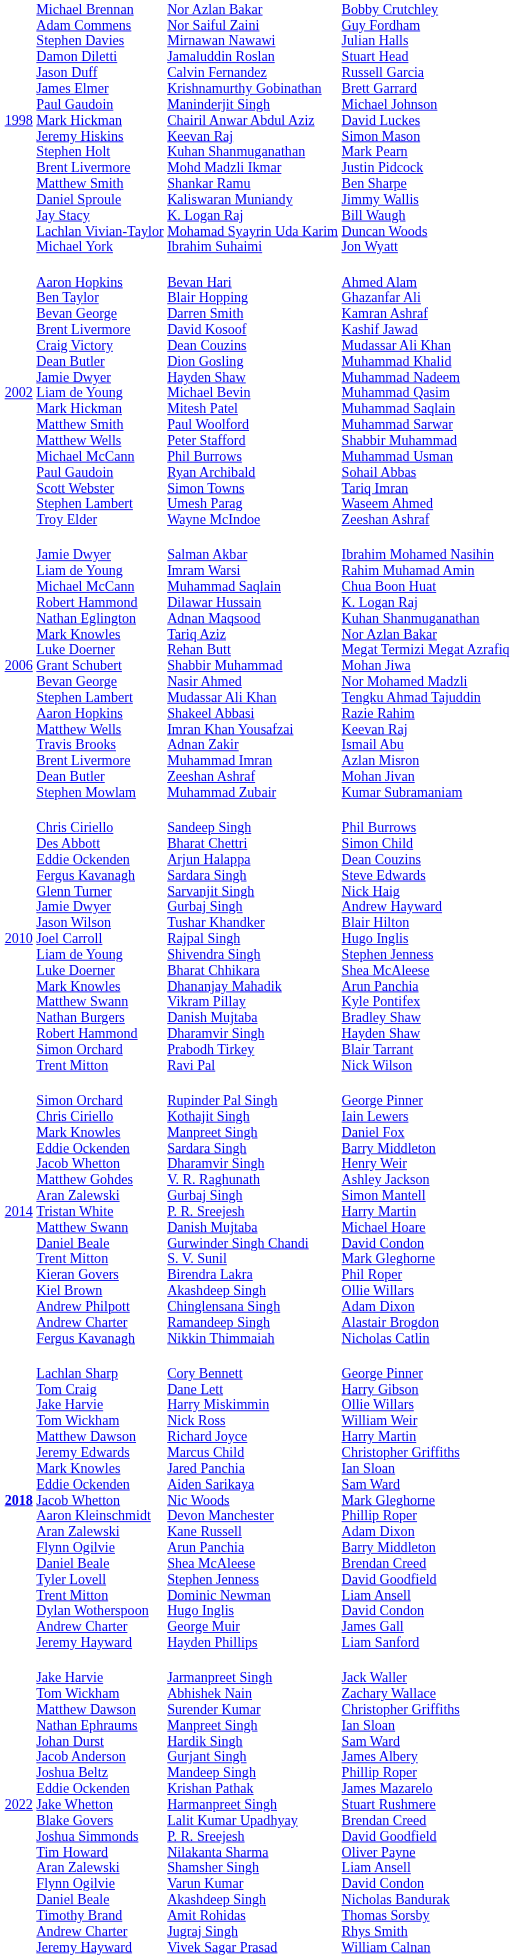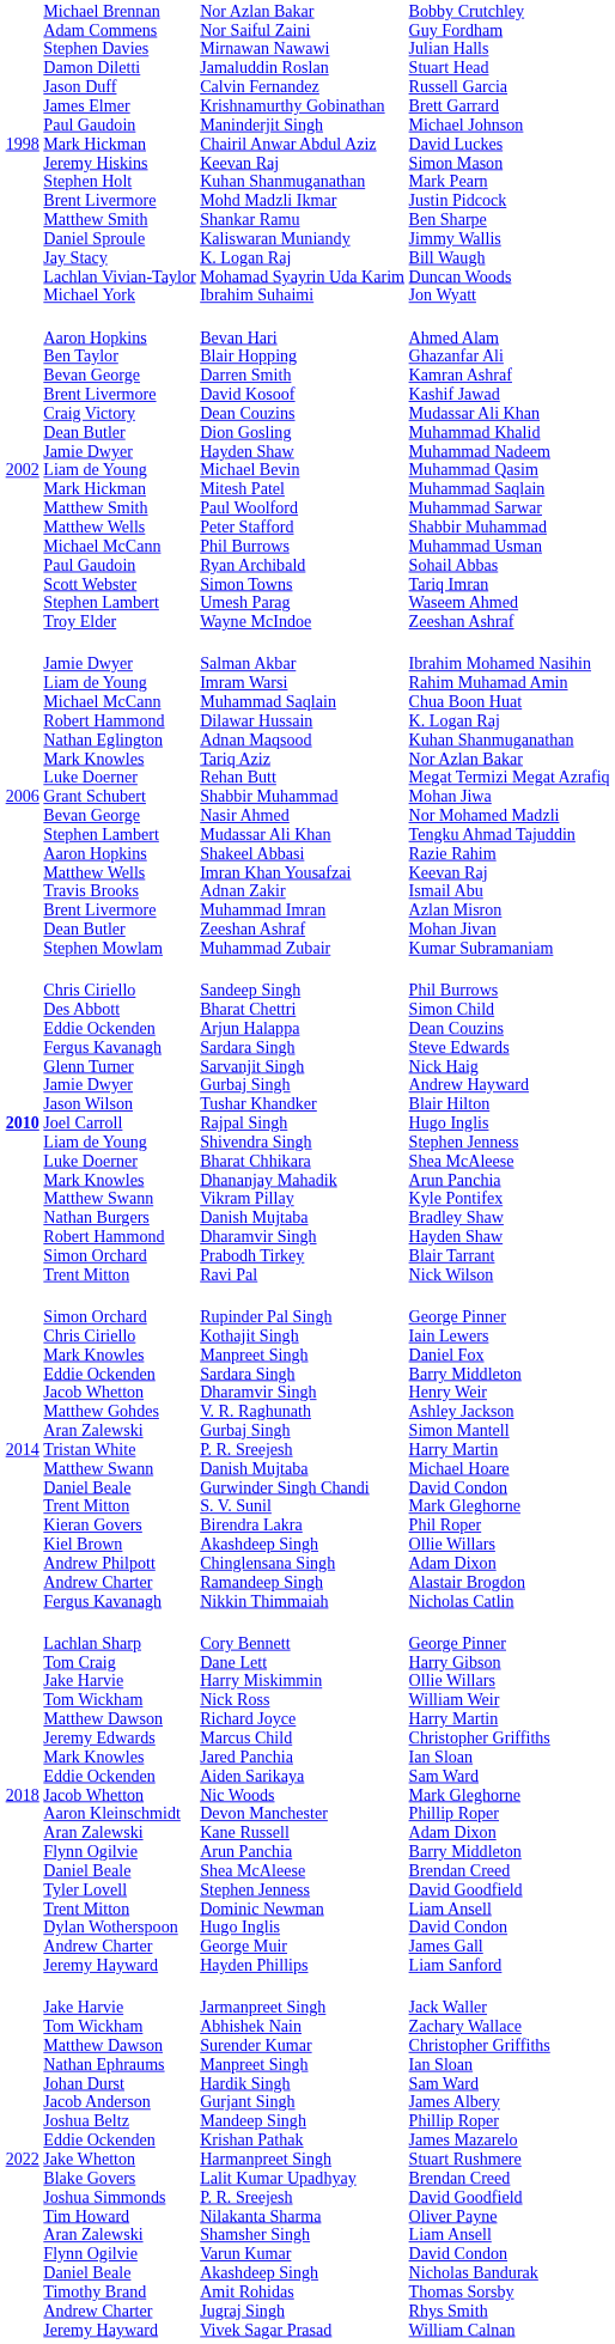 <table>
 <tr>
 <td><a href='#'>1998</a></td>
 <td><br><a href='#'>Michael Brennan</a><br><a href='#'>Adam Commens</a><br><a href='#'>Stephen Davies</a><br><a href='#'>Damon Diletti</a><br><a href='#'>Jason Duff</a><br><a href='#'>James Elmer</a><br><a href='#'>Paul Gaudoin</a><br><a href='#'>Mark Hickman</a><br><a href='#'>Jeremy Hiskins</a><br><a href='#'>Stephen Holt</a><br><a href='#'>Brent Livermore</a><br><a href='#'>Matthew Smith</a><br><a href='#'>Daniel Sproule</a><br><a href='#'>Jay Stacy</a><br><a href='#'>Lachlan Vivian-Taylor</a><br><a href='#'>Michael York</a></td>
 <td><br><a href='#'>Nor Azlan Bakar</a><br><a href='#'>Nor Saiful Zaini</a><br><a href='#'>Mirnawan Nawawi</a><br><a href='#'>Jamaluddin Roslan</a><br><a href='#'>Calvin Fernandez</a><br><a href='#'>Krishnamurthy Gobinathan</a><br><a href='#'>Maninderjit Singh</a><br><a href='#'>Chairil Anwar Abdul Aziz</a><br><a href='#'>Keevan Raj</a><br><a href='#'>Kuhan Shanmuganathan</a><br><a href='#'>Mohd Madzli Ikmar</a><br><a href='#'>Shankar Ramu</a><br><a href='#'>Kaliswaran Muniandy</a><br><a href='#'>K. Logan Raj</a><br><a href='#'>Mohamad Syayrin Uda Karim</a><br><a href='#'>Ibrahim Suhaimi</a></td>
 <td><br><a href='#'>Bobby Crutchley</a><br><a href='#'>Guy Fordham</a><br><a href='#'>Julian Halls</a><br><a href='#'>Stuart Head</a><br><a href='#'>Russell Garcia</a><br><a href='#'>Brett Garrard</a><br><a href='#'>Michael Johnson</a><br><a href='#'>David Luckes</a><br><a href='#'>Simon Mason</a><br><a href='#'>Mark Pearn</a><br><a href='#'>Justin Pidcock</a><br><a href='#'>Ben Sharpe</a><br><a href='#'>Jimmy Wallis</a><br><a href='#'>Bill Waugh</a><br><a href='#'>Duncan Woods</a><br><a href='#'>Jon Wyatt</a></td>
 </tr>
 <tr>
 <td><a href='#'>2002</a></td>
 <td><br><a href='#'>Aaron Hopkins</a><br><a href='#'>Ben Taylor</a><br><a href='#'>Bevan George</a><br><a href='#'>Brent Livermore</a><br><a href='#'>Craig Victory</a><br><a href='#'>Dean Butler</a><br><a href='#'>Jamie Dwyer</a><br><a href='#'>Liam de Young</a><br><a href='#'>Mark Hickman</a><br><a href='#'>Matthew Smith</a><br><a href='#'>Matthew Wells</a><br><a href='#'>Michael McCann</a><br><a href='#'>Paul Gaudoin</a><br><a href='#'>Scott Webster</a><br><a href='#'>Stephen Lambert</a><br><a href='#'>Troy Elder</a></td>
 <td><br><a href='#'>Bevan Hari</a><br><a href='#'>Blair Hopping</a><br><a href='#'>Darren Smith</a><br><a href='#'>David Kosoof</a><br><a href='#'>Dean Couzins</a><br><a href='#'>Dion Gosling</a><br><a href='#'>Hayden Shaw</a><br><a href='#'>Michael Bevin</a><br><a href='#'>Mitesh Patel</a><br><a href='#'>Paul Woolford</a><br><a href='#'>Peter Stafford</a><br><a href='#'>Phil Burrows</a><br><a href='#'>Ryan Archibald</a><br><a href='#'>Simon Towns</a><br><a href='#'>Umesh Parag</a><br><a href='#'>Wayne McIndoe</a></td>
 <td><br><a href='#'>Ahmed Alam</a><br><a href='#'>Ghazanfar Ali</a><br><a href='#'>Kamran Ashraf</a><br><a href='#'>Kashif Jawad</a><br><a href='#'>Mudassar Ali Khan</a><br><a href='#'>Muhammad Khalid</a><br><a href='#'>Muhammad Nadeem</a><br><a href='#'>Muhammad Qasim</a><br><a href='#'>Muhammad Saqlain</a><br><a href='#'>Muhammad Sarwar</a><br><a href='#'>Shabbir Muhammad</a><br><a href='#'>Muhammad Usman</a><br><a href='#'>Sohail Abbas</a><br><a href='#'>Tariq Imran</a><br><a href='#'>Waseem Ahmed</a><br><a href='#'>Zeeshan Ashraf</a></td>
 </tr>
 <tr>
 <td><a href='#'>2006</a></td>
 <td><br><a href='#'>Jamie Dwyer</a><br><a href='#'>Liam de Young</a><br><a href='#'>Michael McCann</a><br><a href='#'>Robert Hammond</a><br><a href='#'>Nathan Eglington</a><br><a href='#'>Mark Knowles</a><br><a href='#'>Luke Doerner</a><br><a href='#'>Grant Schubert</a><br><a href='#'>Bevan George</a><br><a href='#'>Stephen Lambert</a><br><a href='#'>Aaron Hopkins</a><br><a href='#'>Matthew Wells</a><br><a href='#'>Travis Brooks</a><br><a href='#'>Brent Livermore</a><br><a href='#'>Dean Butler</a><br><a href='#'>Stephen Mowlam</a></td>
 <td><br><a href='#'>Salman Akbar</a><br><a href='#'>Imram Warsi</a><br><a href='#'>Muhammad Saqlain</a><br><a href='#'>Dilawar Hussain</a><br><a href='#'>Adnan Maqsood</a><br><a href='#'>Tariq Aziz</a><br><a href='#'>Rehan Butt</a><br><a href='#'>Shabbir Muhammad</a><br><a href='#'>Nasir Ahmed</a><br><a href='#'>Mudassar Ali Khan</a><br><a href='#'>Shakeel Abbasi</a><br><a href='#'>Imran Khan Yousafzai</a><br><a href='#'>Adnan Zakir</a><br><a href='#'>Muhammad Imran</a><br><a href='#'>Zeeshan Ashraf</a><br><a href='#'>Muhammad Zubair</a></td>
 <td><br><a href='#'>Ibrahim Mohamed Nasihin</a><br><a href='#'>Rahim Muhamad Amin</a><br><a href='#'>Chua Boon Huat</a><br><a href='#'>K. Logan Raj</a><br><a href='#'>Kuhan Shanmuganathan</a><br><a href='#'>Nor Azlan Bakar</a><br><a href='#'>Megat Termizi Megat Azrafiq</a><br><a href='#'>Mohan Jiwa</a><br><a href='#'>Nor Mohamed Madzli</a><br><a href='#'>Tengku Ahmad Tajuddin</a><br><a href='#'>Razie Rahim</a><br><a href='#'>Keevan Raj</a><br><a href='#'>Ismail Abu</a><br><a href='#'>Azlan Misron</a><br><a href='#'>Mohan Jivan</a><br><a href='#'>Kumar Subramaniam</a></td>
 </tr>
 <tr>
-<td><a href='#'>2010</a></td>
+<td><strong><a href='#'>2010</a></strong></td>
 <td><br><a href='#'>Chris Ciriello</a><br><a href='#'>Des Abbott</a><br><a href='#'>Eddie Ockenden</a><br><a href='#'>Fergus Kavanagh</a><br><a href='#'>Glenn Turner</a><br><a href='#'>Jamie Dwyer</a><br><a href='#'>Jason Wilson</a><br><a href='#'>Joel Carroll</a><br><a href='#'>Liam de Young</a><br><a href='#'>Luke Doerner</a><br><a href='#'>Mark Knowles</a><br><a href='#'>Matthew Swann</a><br><a href='#'>Nathan Burgers</a><br><a href='#'>Robert Hammond</a><br><a href='#'>Simon Orchard</a><br><a href='#'>Trent Mitton</a></td>
 <td><br><a href='#'>Sandeep Singh</a> <br><a href='#'>Bharat Chettri</a><br><a href='#'>Arjun Halappa</a><br><a href='#'>Sardara Singh</a><br><a href='#'>Sarvanjit Singh</a><br><a href='#'>Gurbaj Singh</a><br><a href='#'>Tushar Khandker</a><br><a href='#'>Rajpal Singh</a><br><a href='#'>Shivendra Singh</a><br><a href='#'>Bharat Chhikara</a><br><a href='#'>Dhananjay Mahadik</a><br><a href='#'>Vikram Pillay</a><br><a href='#'>Danish Mujtaba</a><br><a href='#'>Dharamvir Singh</a><br><a href='#'>Prabodh Tirkey</a><br><a href='#'>Ravi Pal</a></td>
 <td><br><a href='#'>Phil Burrows</a><br><a href='#'>Simon Child</a><br><a href='#'>Dean Couzins</a><br><a href='#'>Steve Edwards</a><br><a href='#'>Nick Haig</a><br><a href='#'>Andrew Hayward</a><br><a href='#'>Blair Hilton</a><br><a href='#'>Hugo Inglis</a><br><a href='#'>Stephen Jenness</a><br><a href='#'>Shea McAleese</a><br><a href='#'>Arun Panchia</a><br><a href='#'>Kyle Pontifex</a><br><a href='#'>Bradley Shaw</a><br><a href='#'>Hayden Shaw</a><br><a href='#'>Blair Tarrant</a><br><a href='#'>Nick Wilson</a></td>
 </tr>
 <tr>
 <td><a href='#'>2014</a></td>
 <td><br><a href='#'>Simon Orchard</a><br> <a href='#'>Chris Ciriello</a><br> <a href='#'>Mark Knowles</a><br> <a href='#'>Eddie Ockenden</a><br> <a href='#'>Jacob Whetton</a><br> <a href='#'>Matthew Gohdes</a><br> <a href='#'>Aran Zalewski</a><br> <a href='#'>Tristan White</a><br> <a href='#'>Matthew Swann</a><br> <a href='#'>Daniel Beale</a><br><a href='#'>Trent Mitton</a><br> <a href='#'>Kieran Govers</a><br> <a href='#'>Kiel Brown</a><br> <a href='#'>Andrew Philpott</a><br> <a href='#'>Andrew Charter</a><br> <a href='#'>Fergus Kavanagh</a></td>
 <td><br><a href='#'>Rupinder Pal Singh</a><br> <a href='#'>Kothajit Singh</a><br> <a href='#'>Manpreet Singh</a><br> <a href='#'>Sardara Singh</a><br> <a href='#'>Dharamvir Singh</a><br> <a href='#'>V. R. Raghunath</a><br> <a href='#'>Gurbaj Singh</a><br> <a href='#'>P. R. Sreejesh</a><br> <a href='#'>Danish Mujtaba</a><br> <a href='#'>Gurwinder Singh Chandi</a><br> <a href='#'>S. V. Sunil</a><br> <a href='#'>Birendra Lakra</a><br> <a href='#'>Akashdeep Singh</a><br> <a href='#'>Chinglensana Singh</a><br> <a href='#'>Ramandeep Singh</a><br> <a href='#'>Nikkin Thimmaiah</a></td>
 <td><br><a href='#'>George Pinner</a><br> <a href='#'>Iain Lewers</a><br> <a href='#'>Daniel Fox</a><br> <a href='#'>Barry Middleton</a><br> <a href='#'>Henry Weir</a><br> <a href='#'>Ashley Jackson</a><br> <a href='#'>Simon Mantell</a><br> <a href='#'>Harry Martin</a><br> <a href='#'>Michael Hoare</a><br> <a href='#'>David Condon</a><br> <a href='#'>Mark Gleghorne</a><br> <a href='#'>Phil Roper</a><br> <a href='#'>Ollie Willars</a><br> <a href='#'>Adam Dixon</a><br> <a href='#'>Alastair Brogdon</a><br> <a href='#'>Nicholas Catlin</a></td>
 </tr>
 <tr>
-<td><strong><a href='#'>2018</a></strong></td>
+<td><a href='#'>2018</a></td>
 <td><br><a href='#'>Lachlan Sharp</a><br><a href='#'>Tom Craig</a><br><a href='#'>Jake Harvie</a><br><a href='#'>Tom Wickham</a><br><a href='#'>Matthew Dawson</a><br><a href='#'>Jeremy Edwards</a><br><a href='#'>Mark Knowles</a><br><a href='#'>Eddie Ockenden</a><br><a href='#'>Jacob Whetton</a><br><a href='#'>Aaron Kleinschmidt</a><br><a href='#'>Aran Zalewski</a><br><a href='#'>Flynn Ogilvie</a><br><a href='#'>Daniel Beale</a><br><a href='#'>Tyler Lovell</a><br><a href='#'>Trent Mitton</a><br><a href='#'>Dylan Wotherspoon</a><br><a href='#'>Andrew Charter</a><br><a href='#'>Jeremy Hayward</a></td>
 <td><br><a href='#'>Cory Bennett</a><br><a href='#'>Dane Lett</a><br><a href='#'>Harry Miskimmin</a><br><a href='#'>Nick Ross</a><br><a href='#'>Richard Joyce</a><br><a href='#'>Marcus Child</a><br><a href='#'>Jared Panchia</a><br><a href='#'>Aiden Sarikaya</a><br><a href='#'>Nic Woods</a><br><a href='#'>Devon Manchester</a><br><a href='#'>Kane Russell</a><br><a href='#'>Arun Panchia</a><br><a href='#'>Shea McAleese</a><br><a href='#'>Stephen Jenness</a><br><a href='#'>Dominic Newman</a><br><a href='#'>Hugo Inglis</a><br><a href='#'>George Muir</a><br><a href='#'>Hayden Phillips</a></td>
 <td><br><a href='#'>George Pinner</a><br><a href='#'>Harry Gibson</a><br><a href='#'>Ollie Willars</a><br><a href='#'>William Weir</a><br><a href='#'>Harry Martin</a><br><a href='#'>Christopher Griffiths</a><br><a href='#'>Ian Sloan</a><br><a href='#'>Sam Ward</a><br><a href='#'>Mark Gleghorne</a><br><a href='#'>Phillip Roper</a><br><a href='#'>Adam Dixon</a><br><a href='#'>Barry Middleton</a><br><a href='#'>Brendan Creed</a><br><a href='#'>David Goodfield</a><br><a href='#'>Liam Ansell</a><br><a href='#'>David Condon</a><br><a href='#'>James Gall</a><br><a href='#'>Liam Sanford</a></td>
 </tr>
 <tr>
 <td><a href='#'>2022</a></td>
 <td><br><a href='#'>Jake Harvie</a><br><a href='#'>Tom Wickham</a><br><a href='#'>Matthew Dawson</a><br><a href='#'>Nathan Ephraums</a><br><a href='#'>Johan Durst</a><br><a href='#'>Jacob Anderson</a><br><a href='#'>Joshua Beltz</a><br><a href='#'>Eddie Ockenden</a><br><a href='#'>Jake Whetton</a><br><a href='#'>Blake Govers</a><br><a href='#'>Joshua Simmonds</a><br><a href='#'>Tim Howard</a><br><a href='#'>Aran Zalewski</a><br><a href='#'>Flynn Ogilvie</a><br><a href='#'>Daniel Beale</a><br><a href='#'>Timothy Brand</a><br><a href='#'>Andrew Charter</a><br><a href='#'>Jeremy Hayward</a></td>
 <td><br><a href='#'>Jarmanpreet Singh</a><br><a href='#'>Abhishek Nain</a><br><a href='#'>Surender Kumar</a><br><a href='#'>Manpreet Singh</a><br><a href='#'>Hardik Singh</a><br><a href='#'>Gurjant Singh</a><br><a href='#'>Mandeep Singh</a><br><a href='#'>Krishan Pathak</a><br><a href='#'>Harmanpreet Singh</a><br><a href='#'>Lalit Kumar Upadhyay</a><br><a href='#'>P. R. Sreejesh</a><br><a href='#'>Nilakanta Sharma</a><br><a href='#'>Shamsher Singh</a><br><a href='#'>Varun Kumar</a><br><a href='#'>Akashdeep Singh</a><br><a href='#'>Amit Rohidas</a><br><a href='#'>Jugraj Singh</a><br><a href='#'>Vivek Sagar Prasad</a></td>
 <td><br><a href='#'>Jack Waller</a><br><a href='#'>Zachary Wallace</a><br><a href='#'>Christopher Griffiths</a><br><a href='#'>Ian Sloan</a><br><a href='#'>Sam Ward</a><br><a href='#'>James Albery</a><br><a href='#'>Phillip Roper</a><br><a href='#'>James Mazarelo</a><br><a href='#'>Stuart Rushmere</a><br><a href='#'>Brendan Creed</a><br><a href='#'>David Goodfield</a><br><a href='#'>Oliver Payne</a><br><a href='#'>Liam Ansell</a><br><a href='#'>David Condon</a><br><a href='#'>Nicholas Bandurak</a><br><a href='#'>Thomas Sorsby</a><br><a href='#'>Rhys Smith</a><br><a href='#'>William Calnan</a></td>
 </tr>
 </table>
